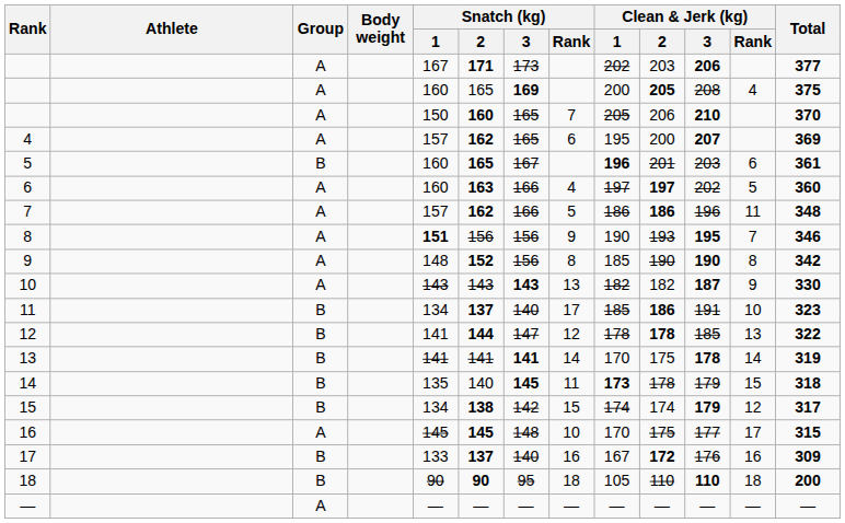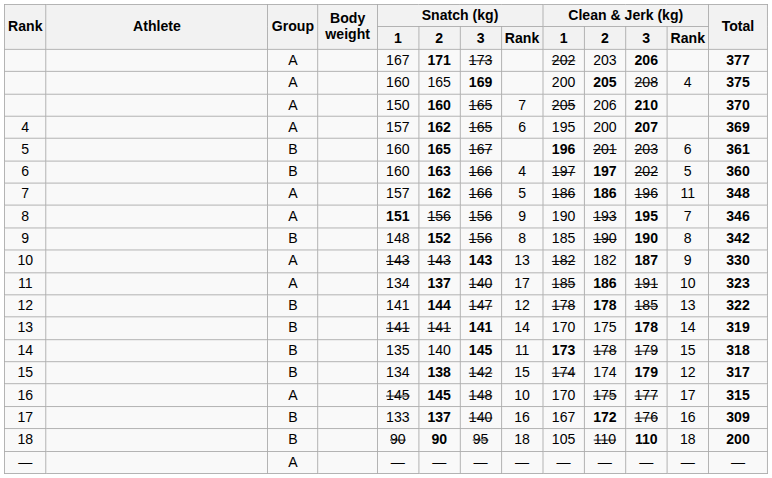 <table class = "wikitable" style="text-align:center;">
 <tr>
 <th rowspan=2 width=40>Rank</th>
 <th rowspan=2 width=250>Athlete</th>
 <th rowspan=2 width=50>Group</th>
 <th rowspan=2 width=60>Body weight</th>
 <th colspan=4>Snatch (kg)</th>
 <th colspan=4>Clean & Jerk (kg)</th>
 <th rowspan=2 width=60>Total</th>
 </tr>
 <tr>
 <th width=40>1</th>
 <th width=40>2</th>
 <th width=40>3</th>
 <th width=40>Rank</th>
 <th width=40>1</th>
 <th width=40>2</th>
 <th width=40>3</th>
 <th width=40>Rank</th>
 </tr>
 <tr>
 <td></td>
 <td align=left></td>
 <td>A</td>
 <td></td>
 <td>167</td>
 <td><strong>171</strong></td>
 <td><s>173</s></td>
 <td></td>
 <td><s>202</s></td>
 <td>203</td>
 <td><strong>206</strong></td>
 <td></td>
 <td><strong>377</strong></td>
 </tr>
 <tr>
 <td></td>
 <td align=left></td>
 <td>A</td>
 <td></td>
 <td>160</td>
 <td>165</td>
 <td><strong>169</strong></td>
 <td></td>
 <td>200</td>
 <td><strong>205</strong></td>
 <td><s>208</s></td>
 <td>4</td>
 <td><strong>375</strong></td>
 </tr>
 <tr>
 <td></td>
 <td align=left></td>
 <td>A</td>
 <td></td>
 <td>150</td>
 <td><strong>160</strong></td>
 <td><s>165</s></td>
 <td>7</td>
 <td><s>205</s></td>
 <td>206</td>
 <td><strong>210</strong></td>
 <td></td>
 <td><strong>370</strong></td>
 </tr>
 <tr>
 <td>4</td>
 <td align=left></td>
 <td>A</td>
 <td></td>
 <td>157</td>
 <td><strong>162</strong></td>
 <td><s>165</s></td>
 <td>6</td>
 <td>195</td>
 <td>200</td>
 <td><strong>207</strong></td>
 <td></td>
 <td><strong>369</strong></td>
 </tr>
 <tr>
 <td>5</td>
 <td align=left></td>
 <td>B</td>
 <td></td>
 <td>160</td>
 <td><strong>165</strong></td>
 <td><s>167</s></td>
 <td></td>
 <td><strong>196</strong></td>
 <td><s>201</s></td>
 <td><s>203</s></td>
 <td>6</td>
 <td><strong>361</strong></td>
 </tr>
 <tr>
 <td>6</td>
 <td align=left></td>
-<td>A</td>
+<td>B</td>
 <td></td>
 <td>160</td>
 <td><strong>163</strong></td>
 <td><s>166</s></td>
 <td>4</td>
 <td><s>197</s></td>
 <td><strong>197</strong></td>
 <td><s>202</s></td>
 <td>5</td>
 <td><strong>360</strong></td>
 </tr>
 <tr>
 <td>7</td>
 <td align=left></td>
 <td>A</td>
 <td></td>
 <td>157</td>
 <td><strong>162</strong></td>
 <td><s>166</s></td>
 <td>5</td>
 <td><s>186</s></td>
 <td><strong>186</strong></td>
 <td><s>196</s></td>
 <td>11</td>
 <td><strong>348</strong></td>
 </tr>
 <tr>
 <td>8</td>
 <td align=left></td>
 <td>A</td>
 <td></td>
 <td><strong>151</strong></td>
 <td><s>156</s></td>
 <td><s>156</s></td>
 <td>9</td>
 <td>190</td>
 <td><s>193</s></td>
 <td><strong>195</strong></td>
 <td>7</td>
 <td><strong>346</strong></td>
 </tr>
 <tr>
 <td>9</td>
 <td align=left></td>
-<td>A</td>
+<td>B</td>
 <td></td>
 <td>148</td>
 <td><strong>152</strong></td>
 <td><s>156</s></td>
 <td>8</td>
 <td>185</td>
 <td><s>190</s></td>
 <td><strong>190</strong></td>
 <td>8</td>
 <td><strong>342</strong></td>
 </tr>
 <tr>
 <td>10</td>
 <td align=left></td>
 <td>A</td>
 <td></td>
 <td><s>143</s></td>
 <td><s>143</s></td>
 <td><strong>143</strong></td>
 <td>13</td>
 <td><s>182</s></td>
 <td>182</td>
 <td><strong>187</strong></td>
 <td>9</td>
 <td><strong>330</strong></td>
 </tr>
 <tr>
 <td>11</td>
 <td align=left></td>
-<td>B</td>
+<td>A</td>
 <td></td>
 <td>134</td>
 <td><strong>137</strong></td>
 <td><s>140</s></td>
 <td>17</td>
 <td><s>185</s></td>
 <td><strong>186</strong></td>
 <td><s>191</s></td>
 <td>10</td>
 <td><strong>323</strong></td>
 </tr>
 <tr>
 <td>12</td>
 <td align=left></td>
 <td>B</td>
 <td></td>
 <td>141</td>
 <td><strong>144</strong></td>
 <td><s>147</s></td>
 <td>12</td>
 <td><s>178</s></td>
 <td><strong>178</strong></td>
 <td><s>185</s></td>
 <td>13</td>
 <td><strong>322</strong></td>
 </tr>
 <tr>
 <td>13</td>
 <td align=left></td>
 <td>B</td>
 <td></td>
 <td><s>141</s></td>
 <td><s>141</s></td>
 <td><strong>141</strong></td>
 <td>14</td>
 <td>170</td>
 <td>175</td>
 <td><strong>178</strong></td>
 <td>14</td>
 <td><strong>319</strong></td>
 </tr>
 <tr>
 <td>14</td>
 <td align=left></td>
 <td>B</td>
 <td></td>
 <td>135</td>
 <td>140</td>
 <td><strong>145</strong></td>
 <td>11</td>
 <td><strong>173</strong></td>
 <td><s>178</s></td>
 <td><s>179</s></td>
 <td>15</td>
 <td><strong>318</strong></td>
 </tr>
 <tr>
 <td>15</td>
 <td align=left></td>
 <td>B</td>
 <td></td>
 <td>134</td>
 <td><strong>138</strong></td>
 <td><s>142</s></td>
 <td>15</td>
 <td><s>174</s></td>
 <td>174</td>
 <td><strong>179</strong></td>
 <td>12</td>
 <td><strong>317</strong></td>
 </tr>
 <tr>
 <td>16</td>
 <td align=left></td>
 <td>A</td>
 <td></td>
 <td><s>145</s></td>
 <td><strong>145</strong></td>
 <td><s>148</s></td>
 <td>10</td>
 <td>170</td>
 <td><s>175</s></td>
 <td><s>177</s></td>
 <td>17</td>
 <td><strong>315</strong></td>
 </tr>
 <tr>
 <td>17</td>
 <td align=left></td>
 <td>B</td>
 <td></td>
 <td>133</td>
 <td><strong>137</strong></td>
 <td><s>140</s></td>
 <td>16</td>
 <td>167</td>
 <td><strong>172</strong></td>
 <td><s>176</s></td>
 <td>16</td>
 <td><strong>309</strong></td>
 </tr>
 <tr>
 <td>18</td>
 <td align=left></td>
 <td>B</td>
 <td></td>
 <td><s>90</s></td>
 <td><strong>90</strong></td>
 <td><s>95</s></td>
 <td>18</td>
 <td>105</td>
 <td><s>110</s></td>
 <td><strong>110</strong></td>
 <td>18</td>
 <td><strong>200</strong></td>
 </tr>
 <tr>
 <td>—</td>
 <td align=left></td>
 <td>A</td>
 <td></td>
 <td>—</td>
 <td>—</td>
 <td>—</td>
 <td>—</td>
 <td>—</td>
 <td>—</td>
 <td>—</td>
 <td>—</td>
 <td>—</td>
 </tr>
 </table>
